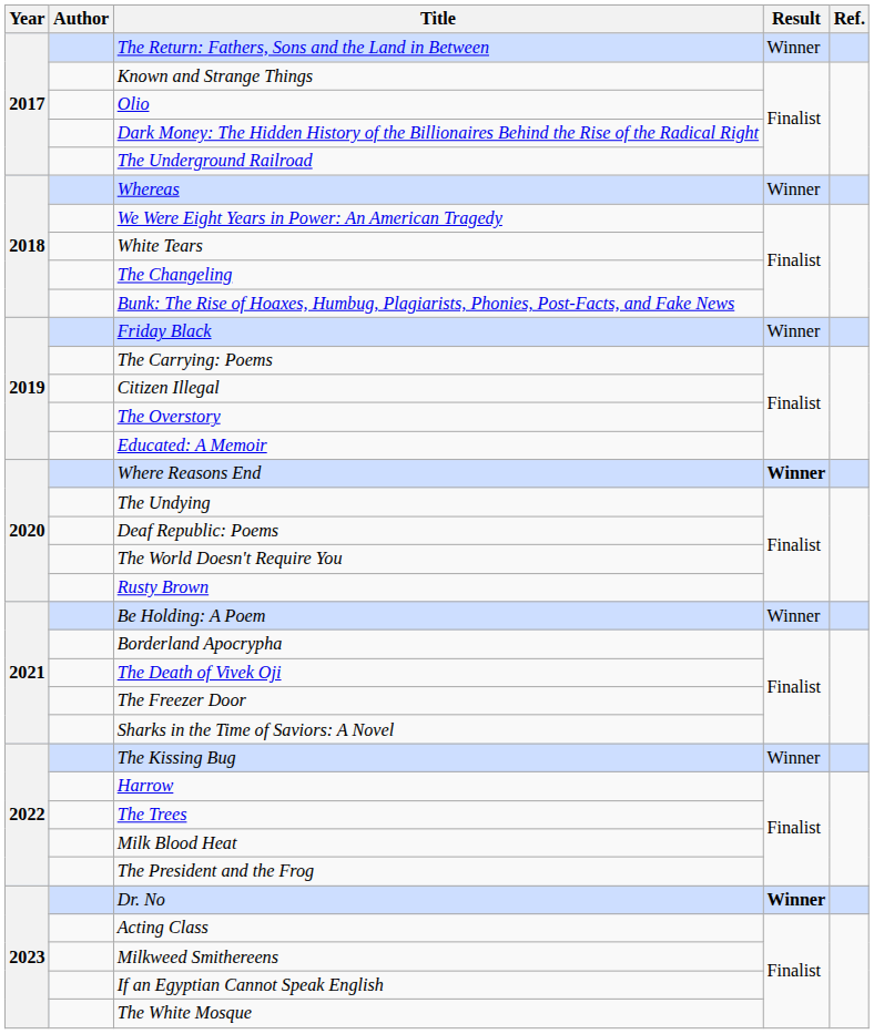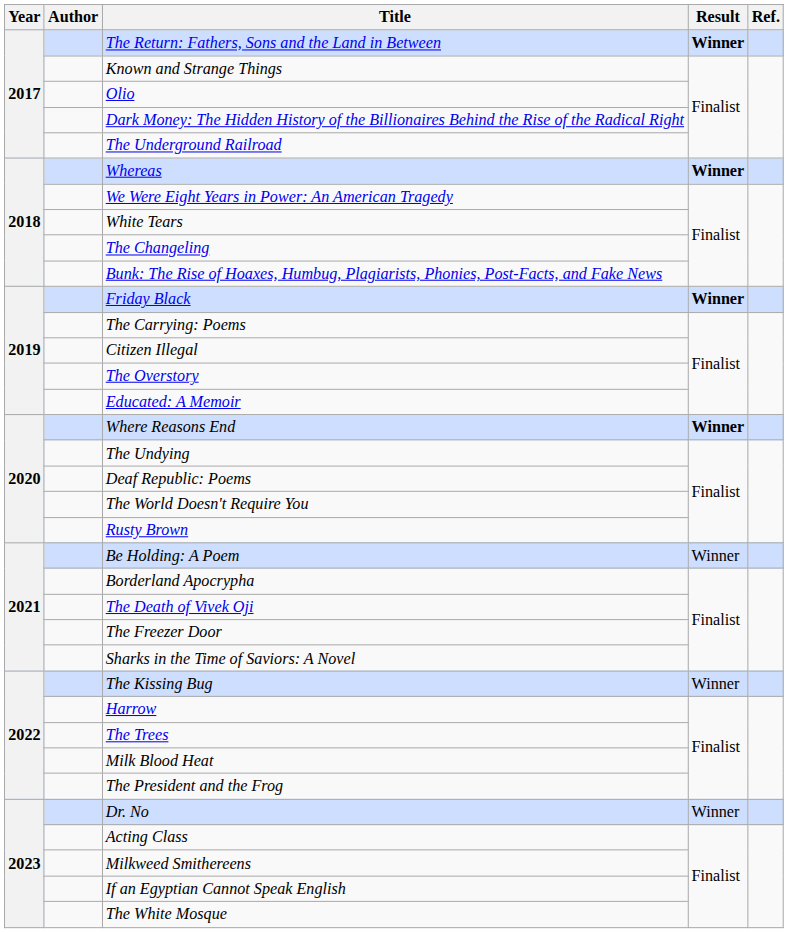 <table class="wikitable sortable">
 <tr>
 <th>Year</th>
 <th>Author</th>
 <th>Title</th>
 <th>Result</th>
 <th>Ref.</th>
 </tr>
 <tr style="background:#cddeff">
 <th rowspan="5">2017</th>
 <td></td>
 <td><em><a href='#'>The Return: Fathers, Sons and the Land in Between</a></em></td>
-<td>Winner</td>
+<td><strong>Winner</strong></td>
 <td></td>
 </tr>
 <tr>
 <td></td>
 <td><em>Known and Strange Things</em></td>
 <td rowspan="4">Finalist</td>
 <td rowspan="4"></td>
 </tr>
 <tr>
 <td></td>
 <td><em><a href='#'>Olio</a></em></td>
 </tr>
 <tr>
 <td></td>
 <td><em><a href='#'>Dark Money: The Hidden History of the Billionaires Behind the Rise of the Radical Right</a></em></td>
 </tr>
 <tr>
 <td></td>
 <td><em><a href='#'>The Underground Railroad</a></em></td>
 </tr>
 <tr style="background:#cddeff">
 <th rowspan="5">2018</th>
 <td></td>
 <td><em><a href='#'>Whereas</a></em></td>
-<td>Winner</td>
+<td><strong>Winner</strong></td>
 <td></td>
 </tr>
 <tr>
 <td></td>
 <td><em><a href='#'>We Were Eight Years in Power: An American Tragedy</a></em></td>
 <td rowspan="4">Finalist</td>
 <td rowspan="4"></td>
 </tr>
 <tr>
 <td></td>
 <td><em>White Tears</em></td>
 </tr>
 <tr>
 <td></td>
 <td><em><a href='#'>The Changeling</a></em></td>
 </tr>
 <tr>
 <td></td>
 <td><em><a href='#'>Bunk: The Rise of Hoaxes, Humbug, Plagiarists, Phonies, Post-Facts, and Fake News</a></em></td>
 </tr>
 <tr style="background:#cddeff">
 <th rowspan="5">2019</th>
 <td></td>
 <td><em><a href='#'>Friday Black</a></em></td>
-<td>Winner</td>
+<td><strong>Winner</strong></td>
 <td></td>
 </tr>
 <tr>
 <td></td>
 <td><em>The Carrying: Poems</em></td>
 <td rowspan="4">Finalist</td>
 <td rowspan="4"></td>
 </tr>
 <tr>
 <td></td>
 <td><em>Citizen Illegal</em></td>
 </tr>
 <tr>
 <td></td>
 <td><em><a href='#'>The Overstory</a></em></td>
 </tr>
 <tr>
 <td></td>
 <td><em><a href='#'>Educated: A Memoir</a></em></td>
 </tr>
 <tr style="background:#cddeff">
 <th rowspan="5">2020</th>
 <td></td>
 <td><em>Where Reasons End</em></td>
 <td><strong>Winner</strong></td>
 <td></td>
 </tr>
 <tr>
 <td></td>
 <td><em>The Undying</em></td>
 <td rowspan="4">Finalist</td>
 <td rowspan="4"></td>
 </tr>
 <tr>
 <td></td>
 <td><em>Deaf Republic: Poems</em></td>
 </tr>
 <tr>
 <td></td>
 <td><em>The World Doesn't Require You</em></td>
 </tr>
 <tr>
 <td></td>
 <td><em><a href='#'>Rusty Brown</a></em></td>
 </tr>
 <tr style="background:#cddeff">
 <th rowspan="5">2021</th>
 <td></td>
 <td><em>Be Holding: A Poem</em></td>
 <td>Winner</td>
 <td></td>
 </tr>
 <tr>
 <td></td>
 <td><em>Borderland Apocrypha</em></td>
 <td rowspan="4">Finalist</td>
 <td rowspan="4"></td>
 </tr>
 <tr>
 <td></td>
 <td><em><a href='#'>The Death of Vivek Oji</a></em></td>
 </tr>
 <tr>
 <td></td>
 <td><em>The Freezer Door</em></td>
 </tr>
 <tr>
 <td></td>
 <td><em>Sharks in the Time of Saviors: A Novel</em></td>
 </tr>
 <tr style="background:#cddeff">
 <th rowspan="5">2022</th>
 <td></td>
 <td><em>The Kissing Bug</em></td>
 <td>Winner</td>
 <td></td>
 </tr>
 <tr>
 <td></td>
 <td><em><a href='#'>Harrow</a></em></td>
 <td rowspan="4">Finalist</td>
 <td rowspan="4"></td>
 </tr>
 <tr>
 <td></td>
 <td><em><a href='#'>The Trees</a></em></td>
 </tr>
 <tr>
 <td></td>
 <td><em>Milk Blood Heat</em></td>
 </tr>
 <tr>
 <td></td>
 <td><em>The President and the Frog</em></td>
 </tr>
 <tr style="background:#cddeff">
 <th rowspan="5">2023</th>
 <td></td>
 <td><em>Dr. No</em></td>
-<td><strong>Winner</strong></td>
+<td>Winner</td>
 <td></td>
 </tr>
 <tr>
 <td></td>
 <td><em>Acting Class</em></td>
 <td rowspan="4">Finalist</td>
 <td rowspan="4"></td>
 </tr>
 <tr>
 <td></td>
 <td><em>Milkweed Smithereens</em></td>
 </tr>
 <tr>
 <td></td>
 <td><em>If an Egyptian Cannot Speak English</em></td>
 </tr>
 <tr>
 <td></td>
 <td><em>The White Mosque</em></td>
 </tr>
 </table>
